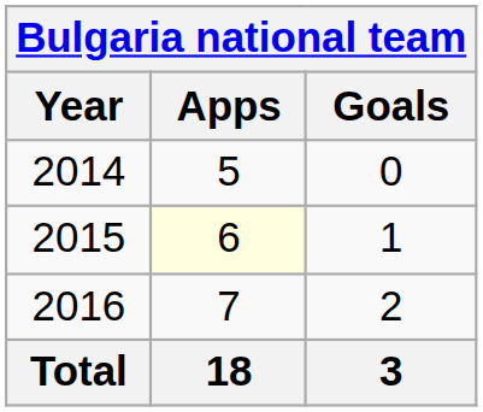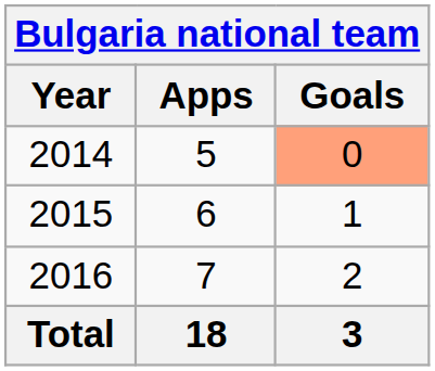 <table class="wikitable" style="text-align:center">
 <tr>
 <th colspan=3><a href='#'>Bulgaria national team</a></th>
 </tr>
 <tr>
 <th>Year</th>
 <th>Apps</th>
 <th>Goals</th>
 </tr>
 <tr>
 <td>2014</td>
 <td>5</td>
-<td>0</td>
+<td style="background: lightsalmon;">0</td>
 </tr>
 <tr>
 <td>2015</td>
-<td style="background: lightyellow;">6</td>
+<td>6</td>
 <td>1</td>
 </tr>
 <tr>
 <td>2016</td>
 <td>7</td>
 <td>2</td>
 </tr>
 <tr>
 <th>Total</th>
 <th>18</th>
 <th>3</th>
 </tr>
 </table>
